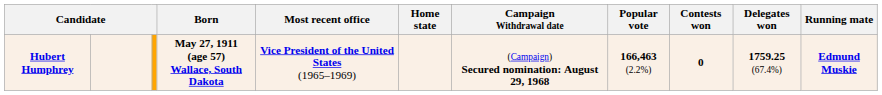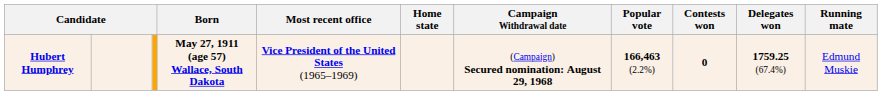 <table class="sortable wikitable" style="text-align:center;">
 <tr>
 <th colspan="3">Candidate</th>
 <th>Born</th>
 <th class="unsortable">Most recent office</th>
 <th>Home state</th>
 <th data-sort-type="date">Campaign<br><small>Withdrawal date</small></th>
 <th>Popular vote</th>
 <th>Contests won</th>
 <th>Delegates won</th>
 <th>Running mate</th>
 </tr>
 <tr style="background:linen;">
 <th style="background:linen;" scope="row" data-sort-=""><a href='#'>Hubert Humphrey</a></th>
 <td style="min-width:80px;"></td>
 <td style="background:#FFA500;"></td>
 <td><strong>May 27, 1911<br>(age 57)<br><a href='#'>Wallace, South Dakota</a></strong></td>
 <td><strong><a href='#'>Vice President of the United States</a></strong><br>(1965–1969)</td>
 <td></td>
 <td data-sort-value="0"><br><small>(<a href='#'>Campaign</a>)</small><br><strong>Secured nomination:</strong> <strong>August 29, 1968</strong></td>
 <td data-sort-value="166,463"><strong>166,463</strong><br><small>(2.2%)</small></td>
 <td data-sort-value="0"><strong>0</strong></td>
 <td data-sort-value="0"><strong>1759.25</strong><br><small>(67.4%)</small></td>
-<td><strong><a href='#'>Edmund Muskie</a></strong></td>
+<td><a href='#'>Edmund Muskie</a></td>
 </tr>
 </table>
